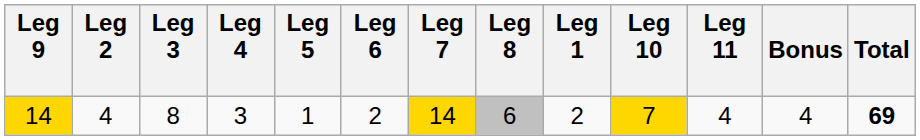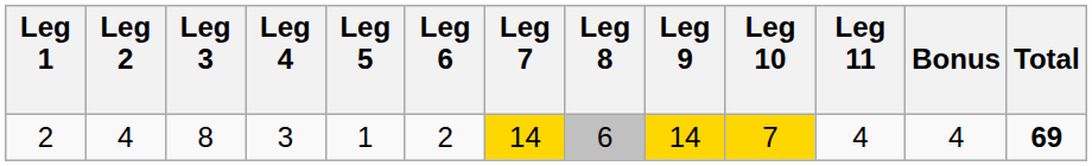 <table class="wikitable" style="text-align: center;">
 <tr>
-<th>Leg 9<br><br></th>
+<th>Leg 1<br><br></th>
 <th>Leg 2<br><br></th>
 <th>Leg 3<br><br></th>
 <th>Leg 4<br><br></th>
 <th>Leg 5<br><br></th>
 <th>Leg 6<br><br></th>
 <th>Leg 7<br><br></th>
 <th>Leg 8<br><br></th>
-<th>Leg 1<br><br></th>
+<th>Leg 9<br><br></th>
 <th>Leg 10<br><br></th>
 <th>Leg 11<br><br></th>
 <th>Bonus</th>
 <th>Total</th>
 </tr>
 <tr>
-<td style="background-color: gold;">14</td>
+<td>2</td>
 <td>4</td>
 <td>8</td>
 <td>3</td>
 <td>1</td>
 <td>2</td>
 <td style="background-color: gold;">14</td>
 <td style="background-color: silver;">6</td>
-<td>2</td>
+<td style="background-color: gold;">14</td>
 <td style="background-color: gold;">7</td>
 <td>4</td>
 <td>4</td>
 <td><strong>69</strong></td>
 </tr>
 </table>
